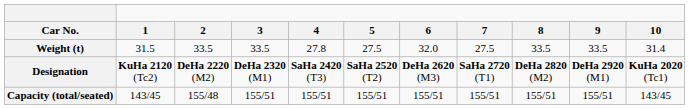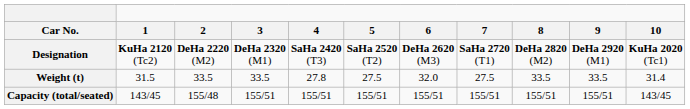 <table class="wikitable" style="text-align:center">
 <tr style="border-bottom: 4px solid #">
 <th> </th>
 <td colspan="10"> </td>
 </tr>
 <tr>
 <th>Car No.</th>
 <th>1</th>
 <th>2</th>
 <th>3</th>
 <th>4</th>
 <th>5</th>
 <th>6</th>
 <th>7</th>
 <th>8</th>
 <th>9</th>
 <th>10</th>
 </tr>
 <tr>
+<th>Designation</th>
+<td><strong>KuHa 2120</strong><br>(Tc2)</td>
+<td><strong>DeHa 2220</strong><br> (M2)</td>
+<td><strong>DeHa 2320</strong><br> (M1)</td>
+<td><strong>SaHa 2420</strong><br> (T3)</td>
+<td><strong>SaHa 2520</strong><br> (T2)</td>
+<td><strong>DeHa 2620</strong><br> (M3)</td>
+<td><strong>SaHa 2720</strong><br> (T1)</td>
+<td><strong>DeHa 2820</strong><br> (M2)</td>
+<td><strong>DeHa 2920</strong><br> (M1)</td>
+<td><strong>KuHa 2020</strong><br> (Tc1)</td>
+</tr>
+<tr>
 <th>Weight (t)</th>
 <td>31.5</td>
 <td>33.5</td>
 <td>33.5</td>
 <td>27.8</td>
 <td>27.5</td>
 <td>32.0</td>
 <td>27.5</td>
 <td>33.5</td>
 <td>33.5</td>
 <td>31.4</td>
-</tr>
-<tr>
-<th>Designation</th>
-<td><strong>KuHa 2120</strong><br>(Tc2)</td>
-<td><strong>DeHa 2220</strong><br> (M2)</td>
-<td><strong>DeHa 2320</strong><br> (M1)</td>
-<td><strong>SaHa 2420</strong><br> (T3)</td>
-<td><strong>SaHa 2520</strong><br> (T2)</td>
-<td><strong>DeHa 2620</strong><br> (M3)</td>
-<td><strong>SaHa 2720</strong><br> (T1)</td>
-<td><strong>DeHa 2820</strong><br> (M2)</td>
-<td><strong>DeHa 2920</strong><br> (M1)</td>
-<td><strong>KuHa 2020</strong><br> (Tc1)</td>
 </tr>
 <tr>
 <th>Capacity (total/seated)</th>
 <td>143/45</td>
 <td>155/48</td>
 <td>155/51</td>
 <td>155/51</td>
 <td>155/51</td>
 <td>155/51</td>
 <td>155/51</td>
 <td>155/51</td>
 <td>155/51</td>
 <td>143/45</td>
 </tr>
 </table>
